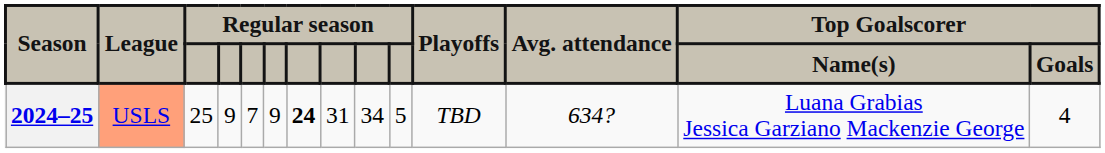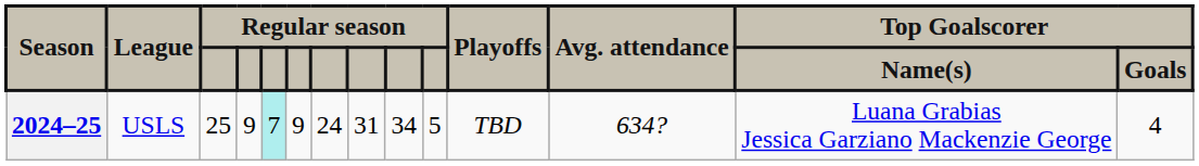 <table class="wikitable" style="text-align: center;">
 <tr>
 <th rowspan=2 style="background:#c8c2b3; color:#131314; border:2px solid #131314;" scope=col>Season</th>
 <th rowspan=2 style="background:#c8c2b3; color:#131314; border:2px solid #131314;" scope=col>League</th>
 <th colspan=8 style="background:#c8c2b3; color:#131314; border:2px solid #131314;">Regular season</th>
 <th rowspan=2 style="background:#c8c2b3; color:#131314; border:2px solid #131314;" scope=col>Playoffs</th>
 <th rowspan=2 style="background:#c8c2b3; color:#131314; border:2px solid #131314;" scope=col>Avg. attendance</th>
 <th colspan=2 style="background:#c8c2b3; color:#131314; border:2px solid #131314;">Top Goalscorer</th>
 </tr>
 <tr>
 <th style="background:#c8c2b3; color:#131314; border:2px solid #131314;" scope=col></th>
 <th style="background:#c8c2b3; color:#131314; border:2px solid #131314;" scope=col></th>
 <th style="background:#c8c2b3; color:#131314; border:2px solid #131314;" scope=col></th>
 <th style="background:#c8c2b3; color:#131314; border:2px solid #131314;" scope=col></th>
 <th style="background:#c8c2b3; color:#131314; border:2px solid #131314;" scope=col></th>
 <th style="background:#c8c2b3; color:#131314; border:2px solid #131314;" scope=col></th>
 <th style="background:#c8c2b3; color:#131314; border:2px solid #131314;" scope=col></th>
 <th style="background:#c8c2b3; color:#131314; border:2px solid #131314;" scope=col></th>
 <th style="background:#c8c2b3; color:#131314; border:2px solid #131314;" scope=col>Name(s)</th>
 <th style="background:#c8c2b3; color:#131314; border:2px solid #131314;" scope=col>Goals</th>
 </tr>
 <tr>
 <th><a href='#'>2024–25</a></th>
-<td style="background: lightsalmon;"><a href='#'>USLS</a></td>
+<td><a href='#'>USLS</a></td>
 <td>25</td>
 <td>9</td>
-<td>7</td>
+<td style="background: paleturquoise;">7</td>
 <td>9</td>
-<td><strong>24</strong></td>
+<td>24</td>
 <td>31</td>
 <td>34</td>
 <td>5</td>
 <td><em>TBD</em></td>
 <td><em>634?</em></td>
 <td><a href='#'>Luana Grabias</a><br><a href='#'>Jessica Garziano</a> <a href='#'>Mackenzie George</a></td>
 <td>4</td>
 </tr>
 </table>
